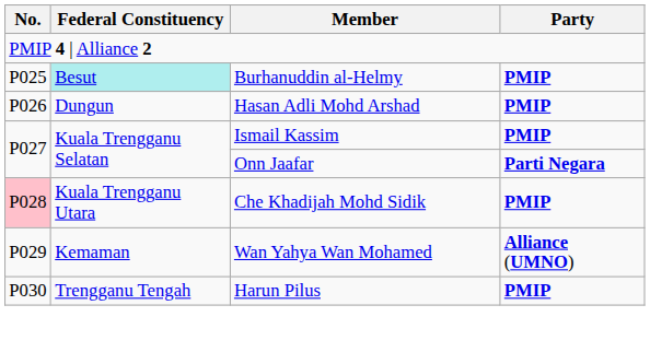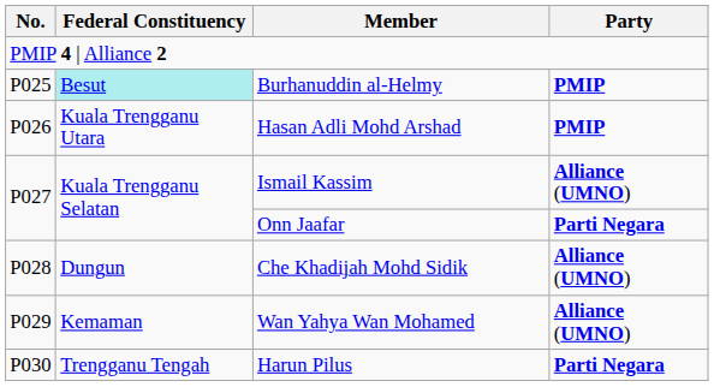 <table class="wikitable sortable">
 <tr>
 <th style="width:30px;">No.</th>
 <th style="width:150px;">Federal Constituency</th>
 <th style="width:230px;">Member</th>
 <th style="width:120px;">Party</th>
 </tr>
 <tr>
 <td colspan="4"><a href='#'>PMIP</a> <strong>4</strong> | <a href='#'>Alliance</a> <strong>2</strong></td>
 </tr>
 <tr>
 <td>P025</td>
 <td style="background: paleturquoise;"><a href='#'>Besut</a></td>
 <td><a href='#'>Burhanuddin al-Helmy</a></td>
 <td><strong><a href='#'>PMIP</a></strong></td>
 </tr>
 <tr>
 <td>P026</td>
-<td><a href='#'>Dungun</a></td>
+<td><a href='#'>Kuala Trengganu Utara</a></td>
 <td><a href='#'>Hasan Adli Mohd Arshad</a></td>
 <td><strong><a href='#'>PMIP</a></strong></td>
 </tr>
 <tr>
 <td rowspan=2>P027</td>
 <td rowspan=2><a href='#'>Kuala Trengganu Selatan</a></td>
 <td><a href='#'>Ismail Kassim</a> </td>
-<td><strong><a href='#'>PMIP</a></strong></td>
+<td><strong><a href='#'>Alliance</a></strong> (<strong><a href='#'>UMNO</a></strong>)</td>
 </tr>
 <tr>
 <td><a href='#'>Onn Jaafar</a> </td>
 <td><strong><a href='#'>Parti Negara</a></strong></td>
 </tr>
 <tr>
-<td style="background: pink;">P028</td>
-<td><a href='#'>Kuala Trengganu Utara</a></td>
+<td>P028</td>
+<td><a href='#'>Dungun</a></td>
 <td><a href='#'>Che Khadijah Mohd Sidik</a></td>
-<td><strong><a href='#'>PMIP</a></strong></td>
+<td><strong><a href='#'>Alliance</a></strong> (<strong><a href='#'>UMNO</a></strong>)</td>
 </tr>
 <tr>
 <td>P029</td>
 <td><a href='#'>Kemaman</a></td>
 <td><a href='#'>Wan Yahya Wan Mohamed</a></td>
 <td><strong><a href='#'>Alliance</a></strong> (<strong><a href='#'>UMNO</a></strong>)</td>
 </tr>
 <tr>
 <td>P030</td>
 <td><a href='#'>Trengganu Tengah</a></td>
 <td><a href='#'>Harun Pilus</a></td>
-<td><strong><a href='#'>PMIP</a></strong></td>
+<td><strong><a href='#'>Parti Negara</a></strong></td>
 </tr>
 </table>
